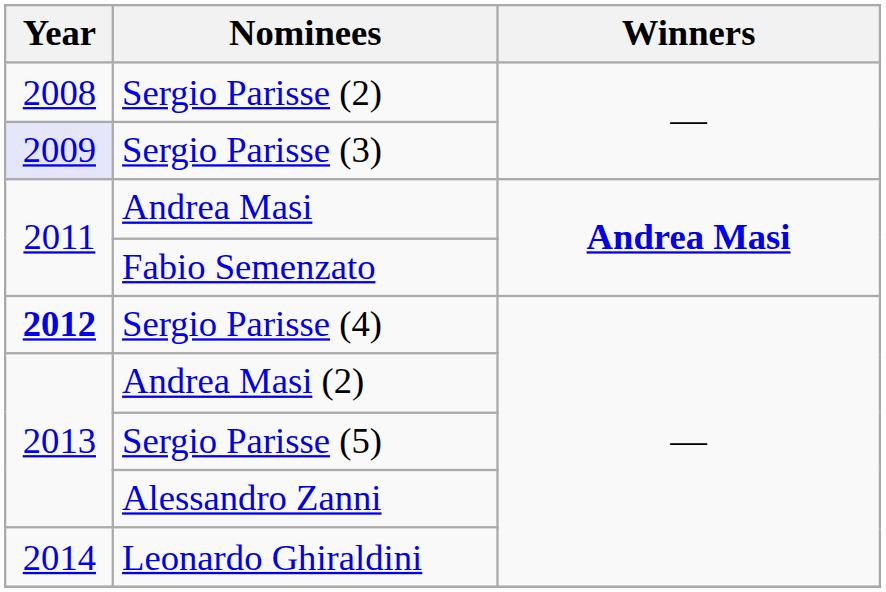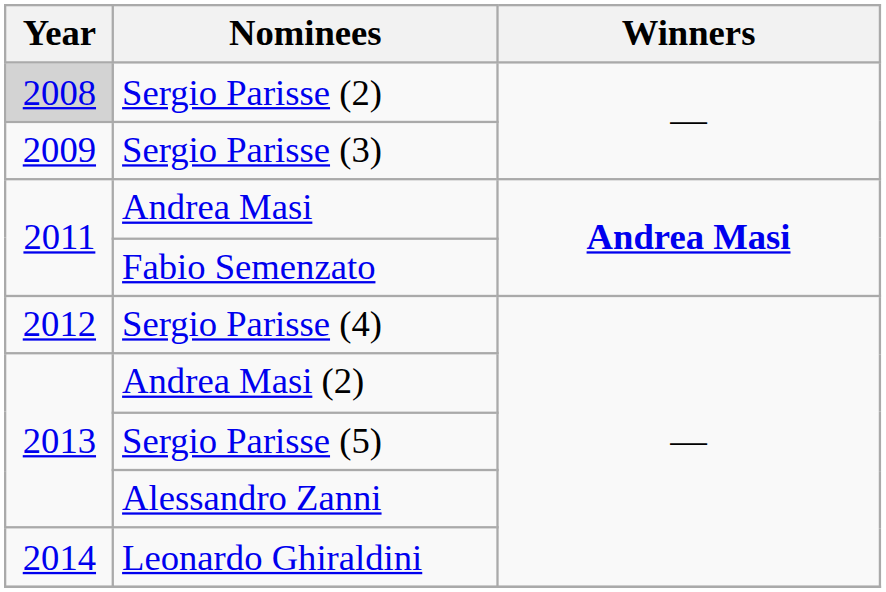 <table class="wikitable">
 <tr>
 <th width=40>Year</th>
 <th width=160>Nominees</th>
 <th width=160>Winners</th>
 </tr>
 <tr>
-<td align=center><a href='#'>2008</a></td>
+<td align=center style="background: lightgrey;"><a href='#'>2008</a></td>
 <td><a href='#'>Sergio Parisse</a> (2)</td>
 <td align=center rowspan=2>—</td>
 </tr>
 <tr>
-<td align=center style="background: lavender;"><a href='#'>2009</a></td>
+<td align=center><a href='#'>2009</a></td>
 <td><a href='#'>Sergio Parisse</a> (3)</td>
 </tr>
 <tr>
 <td align=center rowspan=2><a href='#'>2011</a></td>
 <td><a href='#'>Andrea Masi</a></td>
 <td align=center rowspan=2><strong><a href='#'>Andrea Masi</a></strong></td>
 </tr>
 <tr>
 <td><a href='#'>Fabio Semenzato</a></td>
 </tr>
 <tr>
-<td align=center><strong><a href='#'>2012</a></strong></td>
+<td align=center><a href='#'>2012</a></td>
 <td><a href='#'>Sergio Parisse</a> (4)</td>
 <td align=center rowspan=5>—</td>
 </tr>
 <tr>
 <td align=center rowspan=3><a href='#'>2013</a></td>
 <td><a href='#'>Andrea Masi</a> (2)</td>
 </tr>
 <tr>
 <td><a href='#'>Sergio Parisse</a> (5)</td>
 </tr>
 <tr>
 <td><a href='#'>Alessandro Zanni</a></td>
 </tr>
 <tr>
 <td align=center><a href='#'>2014</a></td>
 <td><a href='#'>Leonardo Ghiraldini</a></td>
 </tr>
 <tr>
 </tr>
 </table>
